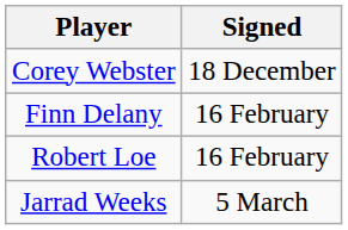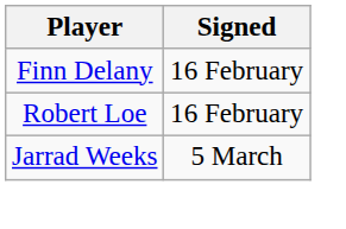 <table class="wikitable sortable sortable" style="text-align: center">
 <tr>
 <th>Player</th>
 <th>Signed</th>
-</tr>
-<tr>
-<td><a href='#'>Corey Webster</a></td>
-<td>18 December</td>
 </tr>
 <tr>
 <td><a href='#'>Finn Delany</a></td>
 <td>16 February</td>
 </tr>
 <tr>
 <td><a href='#'>Robert Loe</a></td>
 <td>16 February</td>
 </tr>
 <tr>
 <td><a href='#'>Jarrad Weeks</a></td>
 <td>5 March</td>
 </tr>
 </table>
